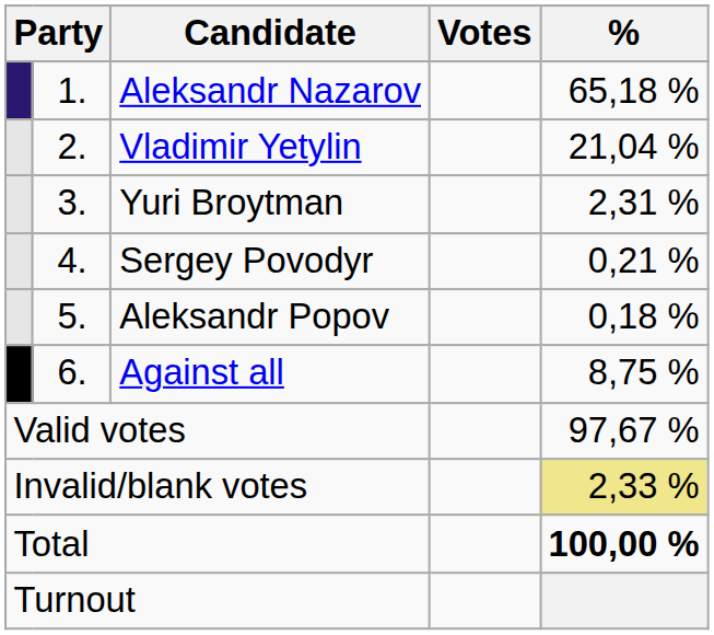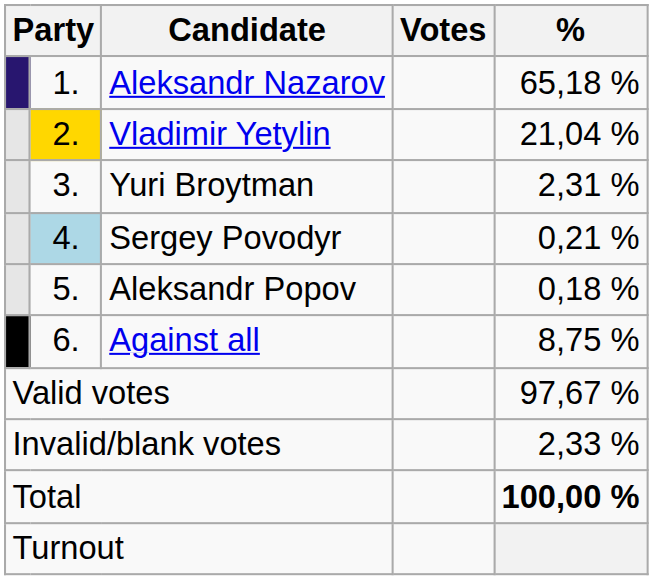 <table class="wikitable">
 <tr>
 <th colspan="2">Party</th>
 <th>Candidate</th>
 <th>Votes</th>
 <th>%</th>
 </tr>
 <tr>
 <td bgcolor="#28166F"></td>
 <td align=center>1.</td>
 <td><a href='#'>Aleksandr Nazarov</a></td>
 <td align=right></td>
 <td align=right>65,18 %</td>
 </tr>
 <tr>
 <td bgcolor="#E6E6E6"></td>
-<td align=center>2.</td>
+<td align=center style="background: gold;">2.</td>
 <td><a href='#'>Vladimir Yetylin</a></td>
 <td align=right></td>
 <td align=right>21,04 %</td>
 </tr>
 <tr>
 <td bgcolor="#E6E6E6"></td>
 <td align=center>3.</td>
 <td>Yuri Broytman</td>
 <td align=right></td>
 <td align=right>2,31 %</td>
 </tr>
 <tr>
 <td bgcolor="#E6E6E6"></td>
-<td align=center>4.</td>
+<td align=center style="background: lightblue;">4.</td>
 <td>Sergey Povodyr</td>
 <td align=right></td>
 <td align=right>0,21 %</td>
 </tr>
 <tr>
 <td bgcolor="#E6E6E6"></td>
 <td align=center>5.</td>
 <td>Aleksandr Popov</td>
 <td align=right></td>
 <td align=right>0,18 %</td>
 </tr>
 <tr>
 <td bgcolor="#000000"></td>
 <td align=center>6.</td>
 <td><a href='#'>Against all</a></td>
 <td align=right></td>
 <td align=right>8,75 %</td>
 </tr>
 <tr>
 <td colspan="3">Valid votes</td>
 <td align=right></td>
 <td align=right>97,67 %</td>
 </tr>
 <tr>
 <td colspan="3">Invalid/blank votes</td>
 <td align=right></td>
-<td align=right style="background: khaki;">2,33 %</td>
+<td align=right>2,33 %</td>
 </tr>
 <tr>
 <td colspan="3">Total</td>
 <td align=right><strong></strong></td>
 <td align=right><strong>100,00 %</strong></td>
 </tr>
 <tr>
 <td colspan="3">Turnout</td>
 <td align=right></td>
 <th></th>
 </tr>
 </table>
